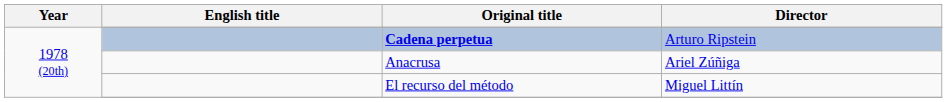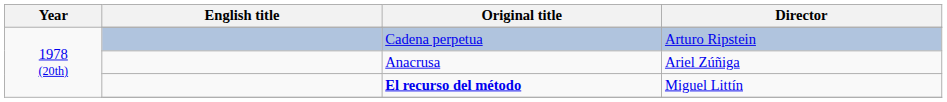 <table class="wikitable">
 <tr>
 <th width="100"><strong>Year</strong></th>
 <th width="300"><strong>English title</strong></th>
 <th width="300"><strong>Original title</strong></th>
 <th width="300"><strong>Director</strong></th>
 </tr>
 <tr>
 <td rowspan="6" style="text-align:center;"><a href='#'>1978</a><br><small><a href='#'>(20th)</a></small></td>
 </tr>
 <tr style="background:#B0C4DE;">
 <td></td>
-<td><strong><a href='#'>Cadena perpetua</a></strong></td>
+<td><a href='#'>Cadena perpetua</a></td>
 <td><a href='#'>Arturo Ripstein</a></td>
 </tr>
 <tr>
 <td></td>
 <td><a href='#'>Anacrusa</a></td>
 <td><a href='#'>Ariel Zúñiga</a></td>
 </tr>
 <tr>
 <td></td>
-<td><a href='#'>El recurso del método</a></td>
+<td><strong><a href='#'>El recurso del método</a></strong></td>
 <td><a href='#'>Miguel Littín</a></td>
 </tr>
 <tr>
 </tr>
 </table>
